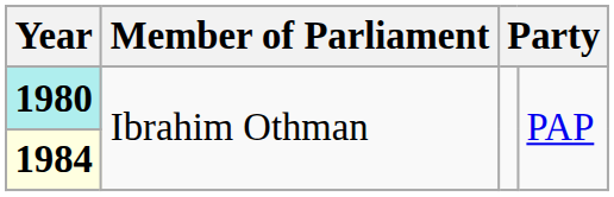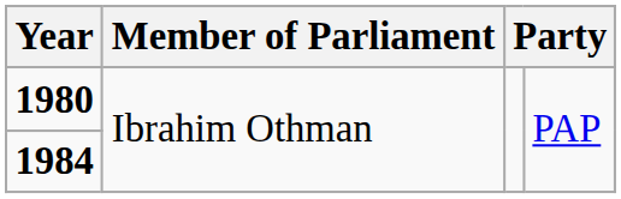 <table class="wikitable">
 <tr>
 <th>Year</th>
 <th>Member of Parliament</th>
 <th colspan="2">Party</th>
 </tr>
 <tr>
-<td style="background: paleturquoise;"><strong>1980</strong></td>
+<td><strong>1980</strong></td>
 <td rowspan="2">Ibrahim Othman</td>
 <td rowspan="2"></td>
 <td rowspan="2"><a href='#'>PAP</a></td>
 </tr>
 <tr>
-<td style="background: lightyellow;"><strong>1984</strong></td>
+<td><strong>1984</strong></td>
 </tr>
 </table>
